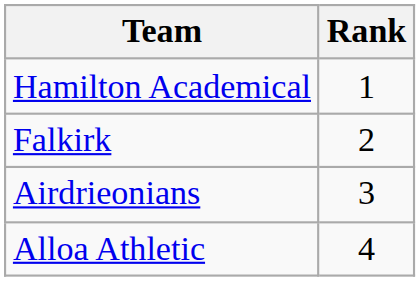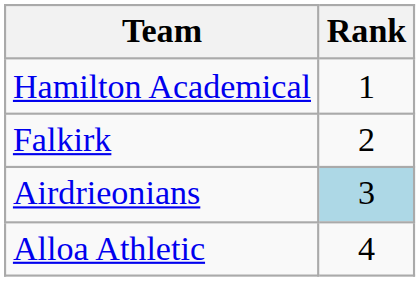 <table class="wikitable" style="text-align: center;">
 <tr>
 <th>Team</th>
 <th>Rank</th>
 </tr>
 <tr>
 <td style="text-align: left;"><a href='#'>Hamilton Academical</a></td>
 <td>1</td>
 </tr>
 <tr>
 <td style="text-align: left;"><a href='#'>Falkirk</a></td>
 <td>2</td>
 </tr>
 <tr>
 <td style="text-align: left;"><a href='#'>Airdrieonians</a></td>
-<td>3</td>
+<td style="background: lightblue;">3</td>
 </tr>
 <tr>
 <td style="text-align: left;"><a href='#'>Alloa Athletic</a></td>
 <td>4</td>
 </tr>
 </table>
